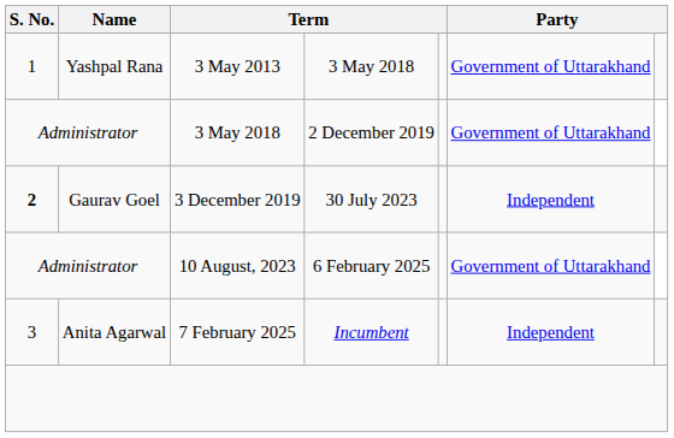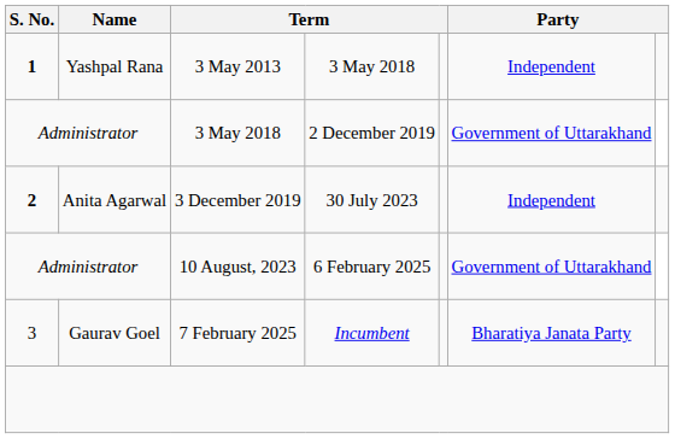 <table class="wikitable sortable">
 <tr>
 <th scope="col">S. No.</th>
 <th colspan=1>Name</th>
 <th colspan=3>Term</th>
 <th colspan=2>Party</th>
 </tr>
 <tr style="text-align:center; height:60px;">
-<td>1</td>
+<td><strong>1</strong></td>
 <td>Yashpal Rana</td>
 <td>3 May 2013</td>
 <td>3 May 2018</td>
 <td></td>
-<td><a href='#'>Government of Uttarakhand</a></td>
+<td><a href='#'>Independent</a></td>
 <td width="4px" style="background-color: "></td>
 </tr>
 <tr style="text-align:center; height:60px;">
 <td colspan=2><em>Administrator</em></td>
 <td>3 May 2018</td>
 <td>2 December 2019</td>
 <td></td>
 <td><a href='#'>Government of Uttarakhand</a></td>
 <td style="background-color: white"></td>
 </tr>
 <tr style="text-align:center; height:60px;">
 <td><strong>2</strong></td>
-<td>Gaurav Goel</td>
+<td>Anita Agarwal</td>
 <td>3 December 2019</td>
 <td>30 July 2023</td>
 <td></td>
 <td><a href='#'>Independent</a></td>
 <td width="4px" style="background-color: "></td>
 </tr>
 <tr style="text-align:center; height:60px;">
 <td colspan=2><em>Administrator</em></td>
 <td>10 August, 2023</td>
 <td>6 February 2025</td>
 <td></td>
 <td><a href='#'>Government of Uttarakhand</a></td>
 <td style="background-color: white"></td>
 </tr>
 <tr style="text-align:center; height:60px;">
 <td>3</td>
-<td>Anita Agarwal</td>
+<td>Gaurav Goel</td>
 <td>7 February 2025</td>
 <td><em><a href='#'>Incumbent</a></em></td>
 <td></td>
-<td><a href='#'>Independent</a></td>
+<td><a href='#'>Bharatiya Janata Party</a></td>
 <td width="4px" style="background-color: "></td>
 </tr>
 <tr style="text-align:center; height:60px;">
 </tr>
 </table>
